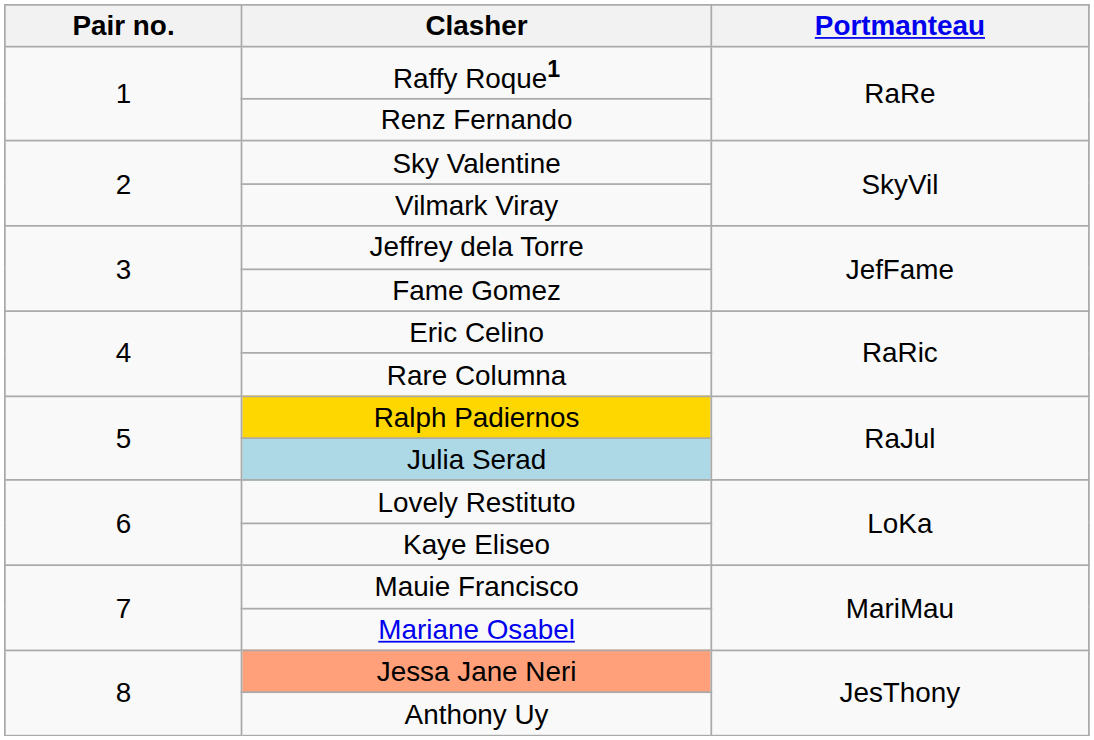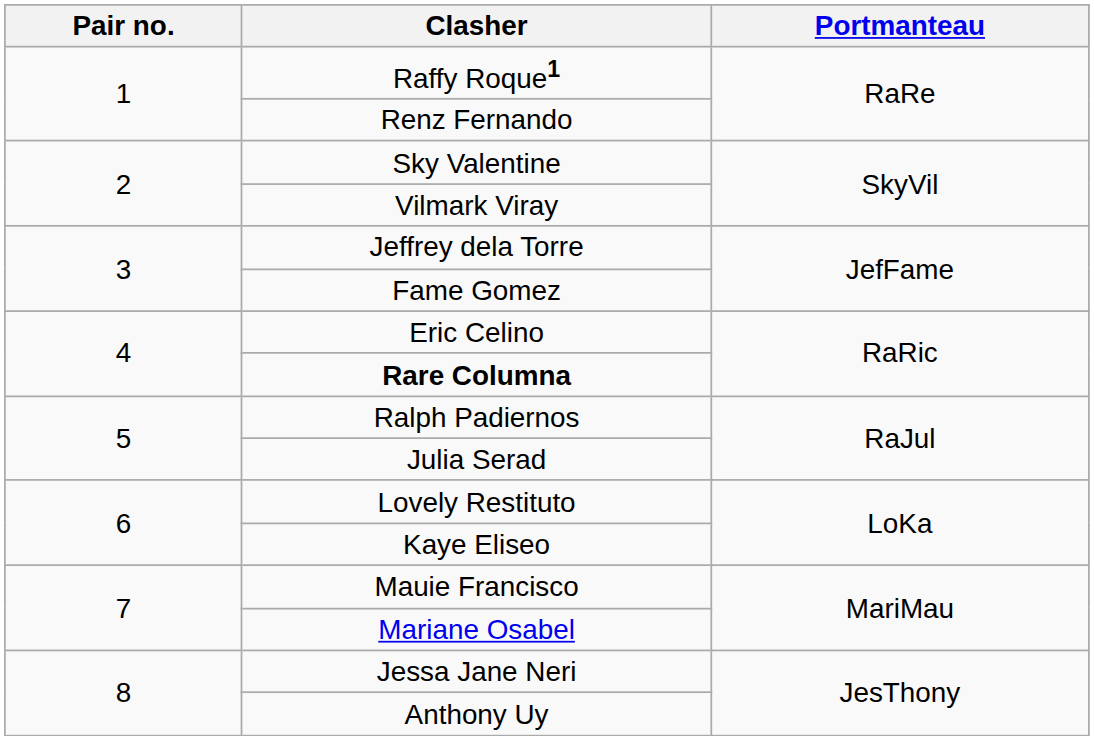 <table class="wikitable collapsible collapsed" style="text-align:center; line-height:17px; width:100%;">
 <tr>
 <th>Pair no.</th>
 <th>Clasher</th>
 <th><a href='#'>Portmanteau</a></th>
 </tr>
 <tr>
 <td rowspan="2">1</td>
 <td>Raffy Roque<sup><strong>1</strong></sup></td>
 <td rowspan="2">RaRe</td>
 </tr>
 <tr>
 <td>Renz Fernando</td>
 </tr>
 <tr>
 <td rowspan="2">2</td>
 <td>Sky Valentine</td>
 <td rowspan="2">SkyVil</td>
 </tr>
 <tr>
 <td>Vilmark Viray</td>
 </tr>
 <tr>
 <td rowspan="2">3</td>
 <td>Jeffrey dela Torre</td>
 <td rowspan="2">JefFame</td>
 </tr>
 <tr>
 <td>Fame Gomez</td>
 </tr>
 <tr>
 <td rowspan="2">4</td>
 <td>Eric Celino</td>
 <td rowspan="2">RaRic</td>
 </tr>
 <tr>
-<td>Rare Columna</td>
+<td><strong>Rare Columna</strong></td>
 </tr>
 <tr>
 <td rowspan="2">5</td>
-<td style="background: gold;">Ralph Padiernos</td>
+<td>Ralph Padiernos</td>
 <td rowspan="2">RaJul</td>
 </tr>
 <tr>
-<td style="background: lightblue;">Julia Serad</td>
+<td>Julia Serad</td>
 </tr>
 <tr>
 <td rowspan="2">6</td>
 <td>Lovely Restituto</td>
 <td rowspan="2">LoKa</td>
 </tr>
 <tr>
 <td>Kaye Eliseo</td>
 </tr>
 <tr>
 <td rowspan="2">7</td>
 <td>Mauie Francisco</td>
 <td rowspan="2">MariMau</td>
 </tr>
 <tr>
 <td><a href='#'>Mariane Osabel</a></td>
 </tr>
 <tr>
 <td rowspan="2">8</td>
-<td style="background: lightsalmon;">Jessa Jane Neri</td>
+<td>Jessa Jane Neri</td>
 <td rowspan="2">JesThony</td>
 </tr>
 <tr>
 <td>Anthony Uy</td>
 </tr>
 </table>
